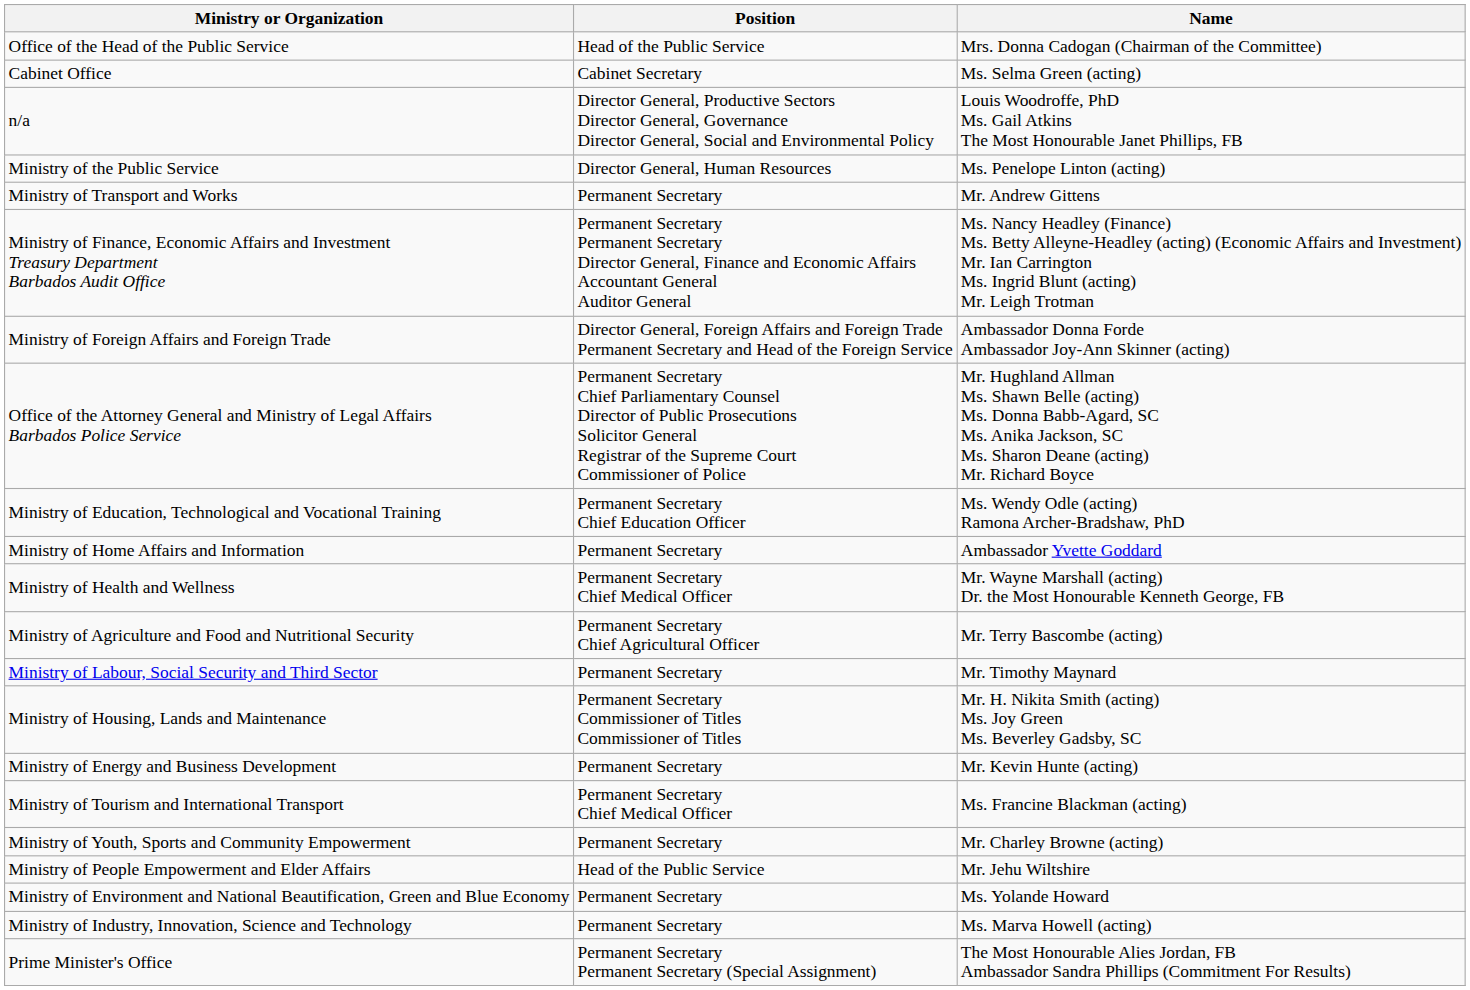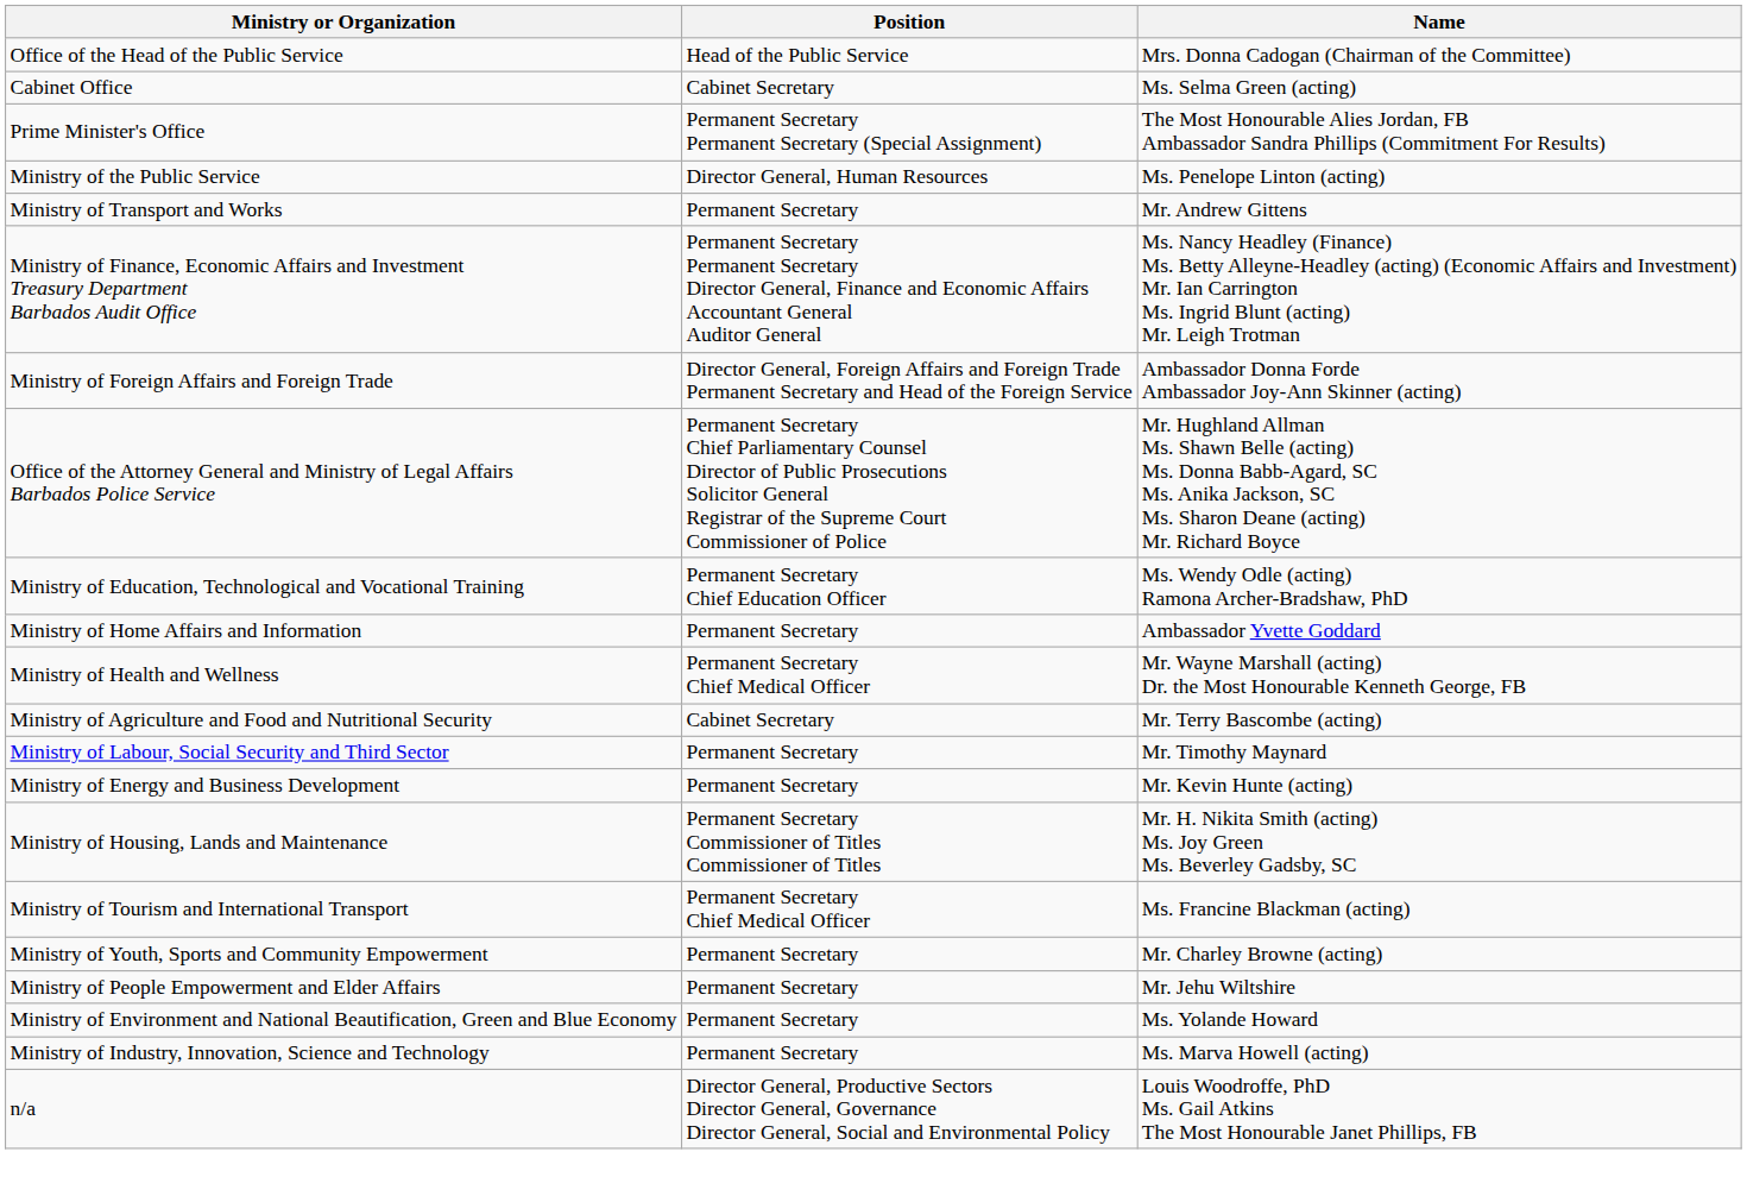 <table class="wikitable sortable mw-collapsible">
 <tr>
 <th>Ministry or Organization</th>
 <th>Position</th>
 <th>Name</th>
 </tr>
 <tr>
 <td>Office of the Head of the Public Service</td>
 <td>Head of the Public Service</td>
 <td>Mrs. Donna Cadogan (Chairman of the Committee)</td>
 </tr>
 <tr>
 <td>Cabinet Office</td>
 <td>Cabinet Secretary</td>
 <td>Ms. Selma Green (acting)</td>
 </tr>
 <tr>
-<td>n/a</td>
-<td>Director General, Productive Sectors<br>Director General, Governance<br>Director General, Social and Environmental Policy</td>
-<td>Louis Woodroffe, PhD<br>Ms. Gail Atkins<br>The Most Honourable Janet Phillips, FB</td>
+<td>Prime Minister's Office</td>
+<td>Permanent Secretary<br>Permanent Secretary (Special Assignment)</td>
+<td>The Most Honourable Alies Jordan, FB<br>Ambassador Sandra Phillips (Commitment For Results)</td>
 </tr>
 <tr>
 <td>Ministry of the Public Service</td>
 <td>Director General, Human Resources</td>
 <td>Ms. Penelope Linton (acting)</td>
 </tr>
 <tr>
 <td>Ministry of Transport and Works</td>
 <td>Permanent Secretary</td>
 <td>Mr. Andrew Gittens</td>
 </tr>
 <tr>
 <td>Ministry of Finance, Economic Affairs and Investment<br><em>Treasury Department</em><br><em>Barbados Audit Office</em></td>
 <td>Permanent Secretary<br>Permanent Secretary<br>Director General, Finance and Economic Affairs<br>Accountant General<br>Auditor General</td>
 <td>Ms. Nancy Headley (Finance)<br>Ms. Betty Alleyne-Headley (acting) (Economic Affairs and Investment)<br>Mr. Ian Carrington<br>Ms. Ingrid Blunt (acting)<br>Mr. Leigh Trotman</td>
 </tr>
 <tr>
 <td>Ministry of Foreign Affairs and Foreign Trade</td>
 <td>Director General, Foreign Affairs and Foreign Trade<br>Permanent Secretary and Head of the Foreign Service</td>
 <td>Ambassador Donna Forde<br>Ambassador Joy-Ann Skinner (acting)</td>
 </tr>
 <tr>
 <td>Office of the Attorney General and Ministry of Legal Affairs<br><em>Barbados Police Service</em></td>
 <td>Permanent Secretary<br>Chief Parliamentary Counsel<br>Director of Public Prosecutions<br>Solicitor General<br>Registrar of the Supreme Court<br>Commissioner of Police</td>
 <td>Mr. Hughland Allman<br>Ms. Shawn Belle (acting)<br>Ms. Donna Babb-Agard, SC<br>Ms. Anika Jackson, SC<br>Ms. Sharon Deane (acting)<br>Mr. Richard Boyce</td>
 </tr>
 <tr>
 <td>Ministry of Education, Technological and Vocational Training</td>
 <td>Permanent Secretary<br>Chief Education Officer</td>
 <td>Ms. Wendy Odle (acting)<br>Ramona Archer-Bradshaw, PhD</td>
 </tr>
 <tr>
 <td>Ministry of Home Affairs and Information</td>
 <td>Permanent Secretary</td>
 <td>Ambassador <a href='#'>Yvette Goddard</a></td>
 </tr>
 <tr>
 <td>Ministry of Health and Wellness</td>
 <td>Permanent Secretary<br>Chief Medical Officer</td>
 <td>Mr. Wayne Marshall (acting)<br>Dr. the Most Honourable Kenneth George, FB</td>
 </tr>
 <tr>
 <td>Ministry of Agriculture and Food and Nutritional Security</td>
-<td>Permanent Secretary<br>Chief Agricultural Officer</td>
+<td>Cabinet Secretary</td>
 <td>Mr. Terry Bascombe (acting)</td>
 </tr>
 <tr>
 <td><a href='#'>Ministry of Labour, Social Security and Third Sector</a></td>
 <td>Permanent Secretary</td>
 <td>Mr. Timothy Maynard</td>
 </tr>
 <tr>
+<td>Ministry of Energy and Business Development</td>
+<td>Permanent Secretary</td>
+<td>Mr. Kevin Hunte (acting)</td>
+</tr>
+<tr>
 <td>Ministry of Housing, Lands and Maintenance</td>
 <td>Permanent Secretary<br>Commissioner of Titles<br>Commissioner of Titles</td>
 <td>Mr. H. Nikita Smith (acting)<br>Ms. Joy Green<br>Ms. Beverley Gadsby, SC</td>
-</tr>
-<tr>
-<td>Ministry of Energy and Business Development</td>
-<td>Permanent Secretary</td>
-<td>Mr. Kevin Hunte (acting)</td>
 </tr>
 <tr>
 <td>Ministry of Tourism and International Transport</td>
 <td>Permanent Secretary<br>Chief Medical Officer</td>
 <td>Ms. Francine Blackman (acting)</td>
 </tr>
 <tr>
 <td>Ministry of Youth, Sports and Community Empowerment</td>
 <td>Permanent Secretary</td>
 <td>Mr. Charley Browne (acting)</td>
 </tr>
 <tr>
 <td>Ministry of People Empowerment and Elder Affairs</td>
-<td>Head of the Public Service</td>
+<td>Permanent Secretary</td>
 <td>Mr. Jehu Wiltshire</td>
 </tr>
 <tr>
 <td>Ministry of Environment and National Beautification, Green and Blue Economy</td>
 <td>Permanent Secretary</td>
 <td>Ms. Yolande Howard</td>
 </tr>
 <tr>
 <td>Ministry of Industry, Innovation, Science and Technology</td>
 <td>Permanent Secretary</td>
 <td>Ms. Marva Howell (acting)</td>
 </tr>
 <tr>
-<td>Prime Minister's Office</td>
-<td>Permanent Secretary<br>Permanent Secretary (Special Assignment)</td>
-<td>The Most Honourable Alies Jordan, FB<br>Ambassador Sandra Phillips (Commitment For Results)</td>
+<td>n/a</td>
+<td>Director General, Productive Sectors<br>Director General, Governance<br>Director General, Social and Environmental Policy</td>
+<td>Louis Woodroffe, PhD<br>Ms. Gail Atkins<br>The Most Honourable Janet Phillips, FB</td>
 </tr>
 </table>
